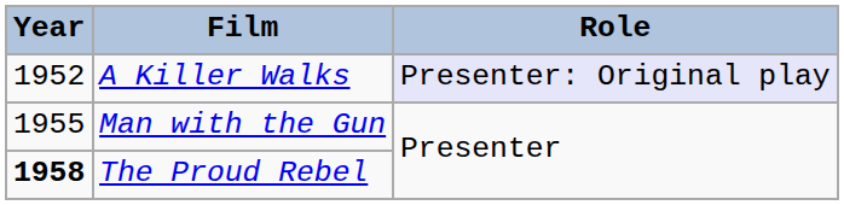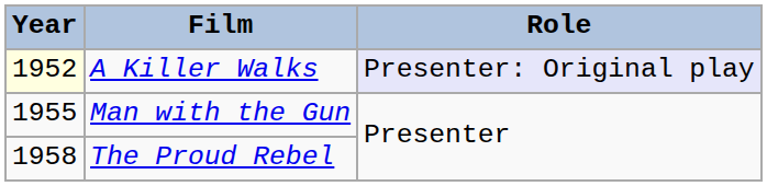 <table class="wikitable" style="font-size:95%;">
 <tr>
 <th style="background:#B0C4DE;">Year</th>
 <th style="background:#B0C4DE;">Film</th>
 <th style="background:#B0C4DE;">Role</th>
 </tr>
 <tr>
-<td>1952</td>
+<td style="background: lightyellow;">1952</td>
 <td><em><a href='#'>A Killer Walks</a></em></td>
 <td style="background: lavender;">Presenter: Original play</td>
 </tr>
 <tr>
 <td>1955</td>
 <td><em><a href='#'>Man with the Gun</a></em></td>
 <td rowspan=2>Presenter</td>
 </tr>
 <tr>
-<td><strong>1958</strong></td>
+<td>1958</td>
 <td><em><a href='#'>The Proud Rebel</a></em></td>
 </tr>
 </table>
